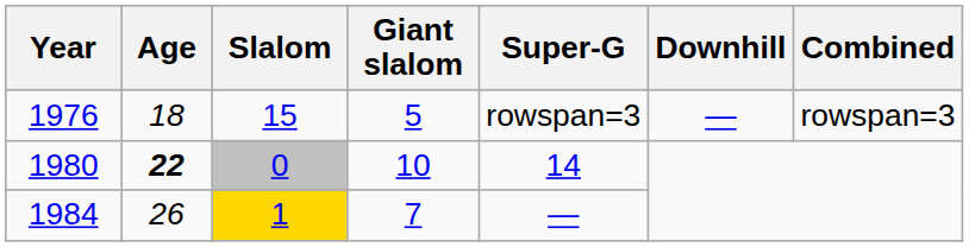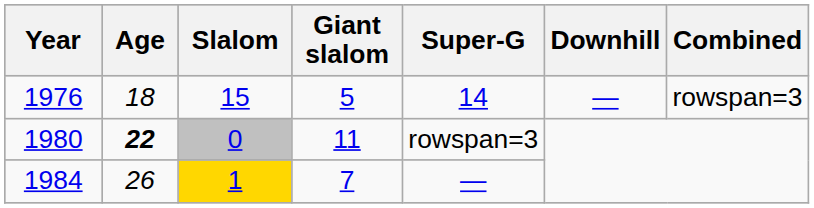 <table class=wikitable style="text-align:center">
 <tr>
 <th>  Year  </th>
 <th> Age </th>
 <th> Slalom </th>
 <th> Giant <br> slalom </th>
 <th>Super-G</th>
 <th>Downhill</th>
 <th>Combined</th>
 </tr>
 <tr>
 <td><a href='#'>1976</a></td>
 <td><em>18</em></td>
 <td><a href='#'>15</a></td>
 <td><a href='#'>5</a></td>
-<td>rowspan=3</td>
+<td><a href='#'>14</a></td>
 <td><a href='#'>—</a></td>
 <td>rowspan=3</td>
 </tr>
 <tr>
 <td><a href='#'>1980</a></td>
 <td><strong><em>22</em></strong></td>
 <td style="background:silver;"><a href='#'>0</a></td>
-<td><a href='#'>10</a></td>
-<td><a href='#'>14</a></td>
+<td><a href='#'>11</a></td>
+<td>rowspan=3</td>
 </tr>
 <tr>
 <td><a href='#'>1984</a></td>
 <td><em>26</em></td>
 <td style="background:gold;"><a href='#'>1</a></td>
 <td><a href='#'>7</a></td>
 <td><a href='#'>—</a></td>
 </tr>
 </table>
